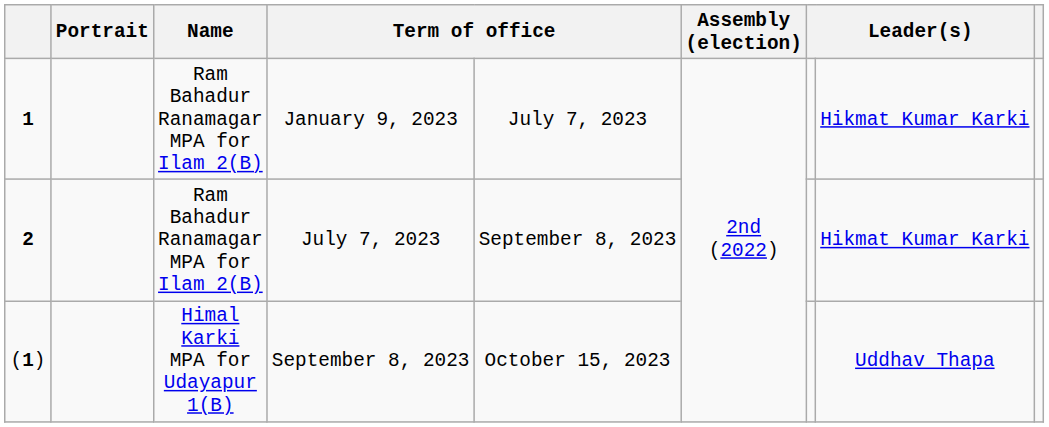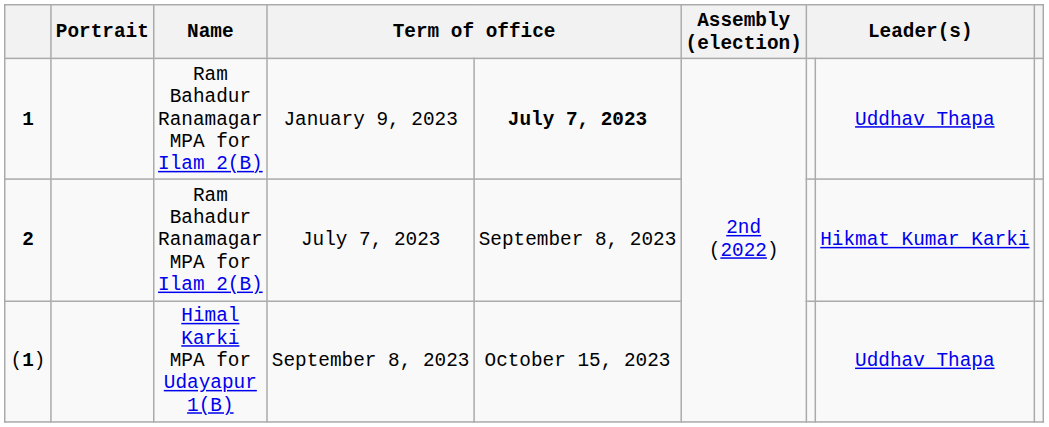 <table class="wikitable" style="text-align:center;">
 <tr>
 <th width="25px"></th>
 <th width="25px">Portrait</th>
 <th width="25px">Name<br></th>
 <th colspan=2 width="25px">Term of office</th>
 <th width="25px">Assembly (election)</th>
 <th colspan=2 width="25px">Leader(s)</th>
 <th></th>
 </tr>
 <tr>
 <td style="background-color:"><strong>1</strong></td>
 <td></td>
 <td>Ram Bahadur Ranamagar<br>MPA for<br><a href='#'>Ilam 2(B)</a></td>
 <td>January 9, 2023</td>
-<td>July 7, 2023</td>
+<td><strong>July 7, 2023</strong></td>
 <td rowspan="3"><a href='#'>2nd</a><br>(<a href='#'>2022</a>)</td>
 <td style="background-color:"></td>
-<td><a href='#'>Hikmat Kumar Karki</a></td>
+<td><a href='#'>Uddhav Thapa</a></td>
 <td></td>
 </tr>
 <tr>
 <td style="background-color:"><strong>2</strong></td>
 <td></td>
 <td>Ram Bahadur Ranamagar<br>MPA for<br><a href='#'>Ilam 2(B)</a></td>
 <td>July 7, 2023</td>
 <td>September 8, 2023</td>
 <td style="background-color:"></td>
 <td><a href='#'>Hikmat Kumar Karki</a></td>
 <td></td>
 </tr>
 <tr>
 <td style="background-color:">(<strong>1</strong>)</td>
 <td></td>
 <td><a href='#'>Himal Karki</a><br>MPA for <a href='#'>Udayapur 1(B)</a></td>
 <td>September 8, 2023</td>
 <td>October 15, 2023</td>
 <td style="background-color:"></td>
 <td><a href='#'>Uddhav Thapa</a></td>
 <td></td>
 </tr>
 </table>
